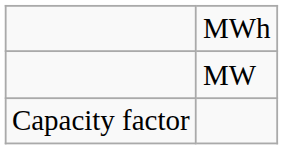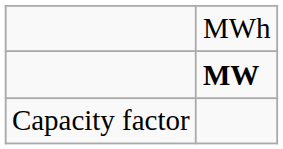 <table - class="wikitable calculator-container" style="float: right; margin-left: 15px;">
 <tr>
 <td></td>
 <td> MWh</td>
 </tr>
 <tr>
 <td></td>
-<td> MW</td>
+<td><strong> MW</strong></td>
 </tr>
 <tr>
 <td>Capacity factor</td>
 <td></td>
 </tr>
 </table>
